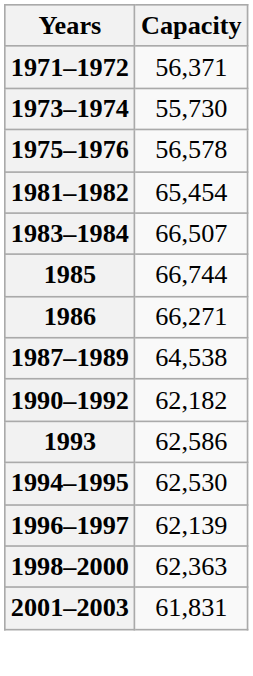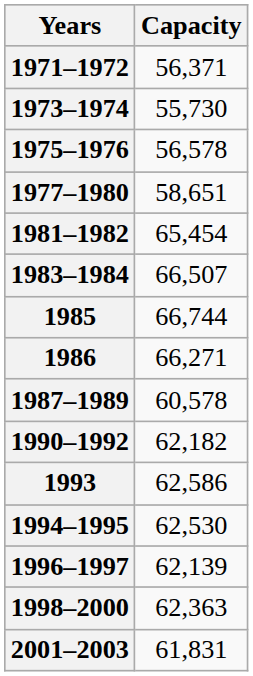 <table class="wikitable">
 <tr>
 <th scope="row">Years</th>
 <th scope="row">Capacity</th>
 </tr>
 <tr>
 <th scope="row">1971–1972</th>
 <td style="text-align:center">56,371</td>
 </tr>
 <tr>
 <th scope="row">1973–1974</th>
 <td style="text-align:center">55,730</td>
 </tr>
 <tr>
 <th scope="row">1975–1976</th>
 <td style="text-align:center">56,578</td>
+</tr>
+<tr>
+<th scope="row">1977–1980</th>
+<td style="text-align:center">58,651</td>
 </tr>
 <tr>
 <th scope="row">1981–1982</th>
 <td style="text-align:center">65,454</td>
 </tr>
 <tr>
 <th scope="row">1983–1984</th>
 <td style="text-align:center">66,507</td>
 </tr>
 <tr>
 <th scope="row">1985</th>
 <td style="text-align:center">66,744</td>
 </tr>
 <tr>
 <th scope="row">1986</th>
 <td style="text-align:center">66,271</td>
 </tr>
 <tr>
 <th scope="row">1987–1989</th>
-<td style="text-align:center">64,538</td>
+<td style="text-align:center">60,578</td>
 </tr>
 <tr>
 <th scope="row">1990–1992</th>
 <td style="text-align:center">62,182</td>
 </tr>
 <tr>
 <th scope="row">1993</th>
 <td style="text-align:center">62,586</td>
 </tr>
 <tr>
 <th scope="row">1994–1995</th>
 <td style="text-align:center">62,530</td>
 </tr>
 <tr>
 <th scope="row">1996–1997</th>
 <td style="text-align:center">62,139</td>
 </tr>
 <tr>
 <th scope="row">1998–2000</th>
 <td style="text-align:center">62,363</td>
 </tr>
 <tr>
 <th scope="row">2001–2003</th>
 <td style="text-align:center">61,831</td>
 </tr>
 </table>
